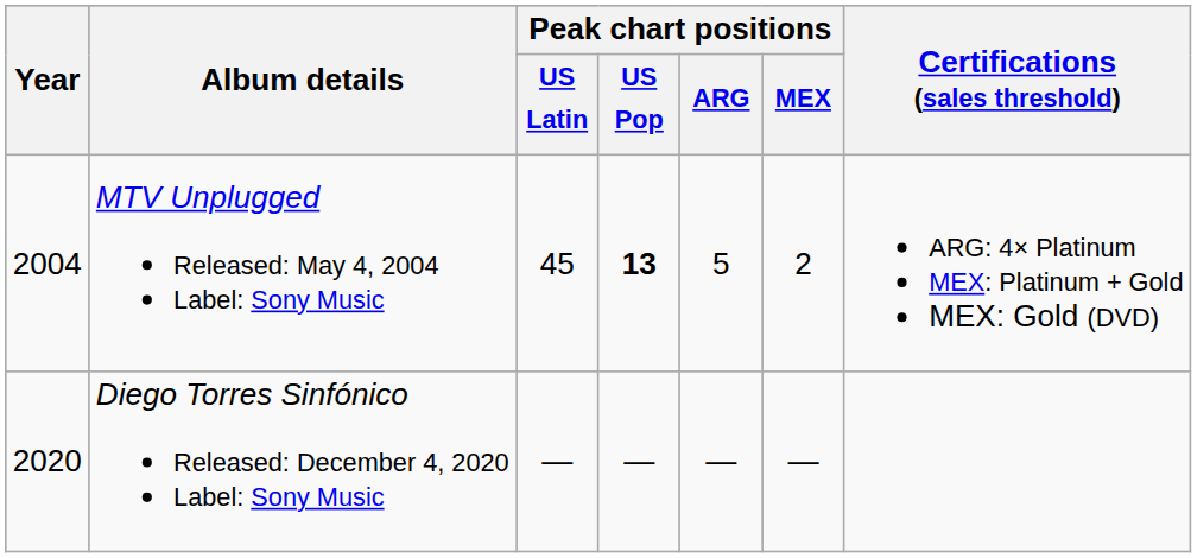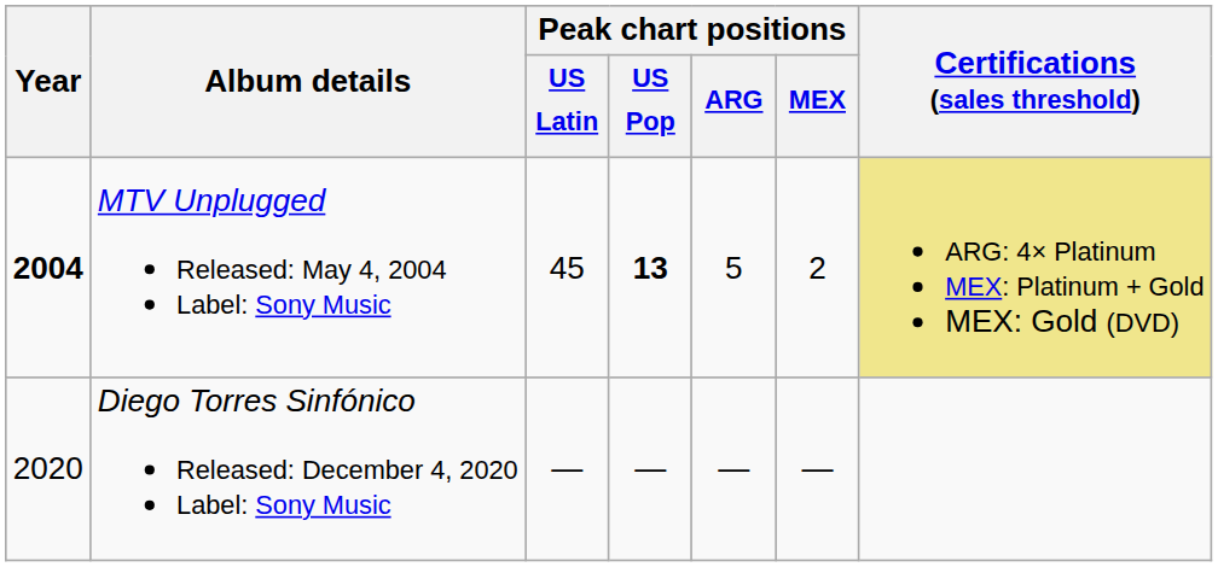 <table class="wikitable">
 <tr>
 <th rowspan=2>Year</th>
 <th rowspan=2>Album details</th>
 <th colspan=4>Peak chart positions</th>
 <th rowspan=2><a href='#'>Certifications</a><br><small>(<a href='#'>sales threshold</a>)</small></th>
 </tr>
 <tr>
 <th width="35"><sup><a href='#'>US<br>Latin</a></sup><br></th>
 <th width="35"><sup><a href='#'>US<br>Pop</a></sup><br></th>
 <th width="35"><sup><a href='#'>ARG</a></sup><br></th>
 <th width="35"><sup><a href='#'>MEX</a></sup><br></th>
 </tr>
 <tr>
-<td>2004</td>
+<td><strong>2004</strong></td>
 <td><em><a href='#'>MTV Unplugged</a></em><br><ul><li><small>Released: May 4, 2004</small></li><li><small>Label: <a href='#'>Sony Music</a></small></li></ul></td>
 <td style="text-align:center;">45</td>
 <td style="text-align:center;"><strong>13</strong></td>
 <td style="text-align:center;">5</td>
 <td style="text-align:center;">2</td>
-<td align=left><br><ul><li><small>ARG: 4× Platinum</small></li><li><small><a href='#'>MEX</a>: Platinum + Gold</small></li><li>MEX: Gold <small>(DVD)</small></li></ul></td>
+<td align=left style="background: khaki;"><br><ul><li><small>ARG: 4× Platinum</small></li><li><small><a href='#'>MEX</a>: Platinum + Gold</small></li><li>MEX: Gold <small>(DVD)</small></li></ul></td>
 </tr>
 <tr>
 <td>2020</td>
 <td><em>Diego Torres Sinfónico</em><br><ul><li><small>Released: December 4, 2020</small></li><li><small>Label: <a href='#'>Sony Music</a></small></li></ul></td>
 <td style="text-align:center;">—</td>
 <td style="text-align:center;">—</td>
 <td style="text-align:center;">—</td>
 <td style="text-align:center;">—</td>
 <td align=left></td>
 </tr>
 </table>
